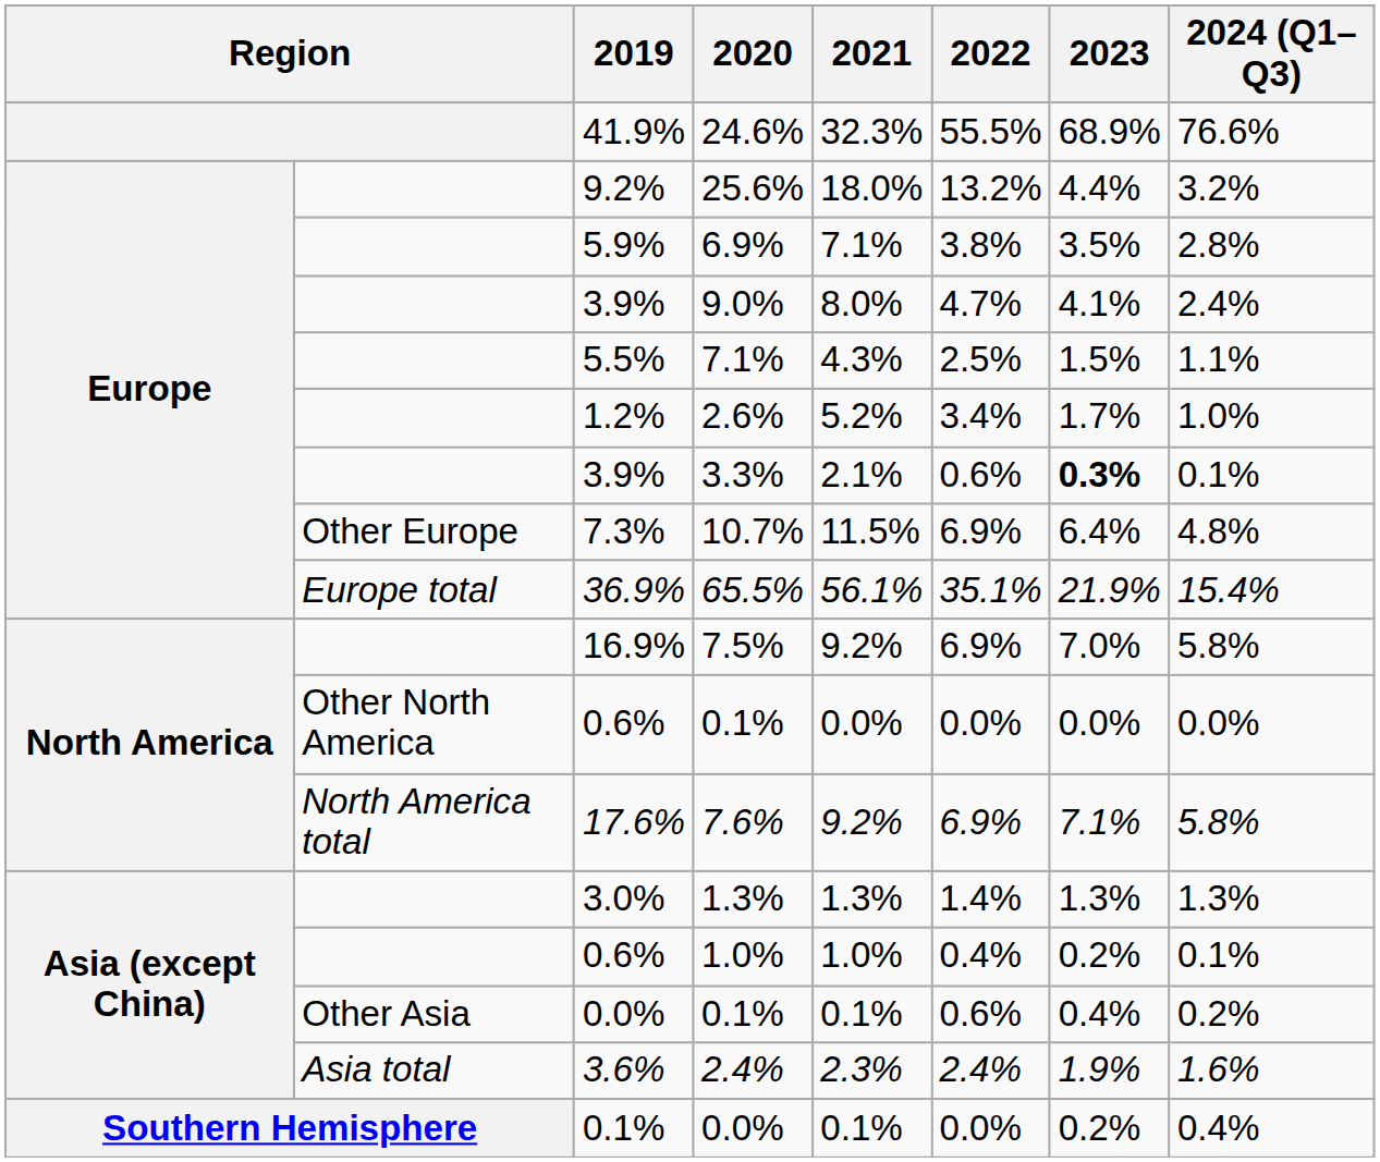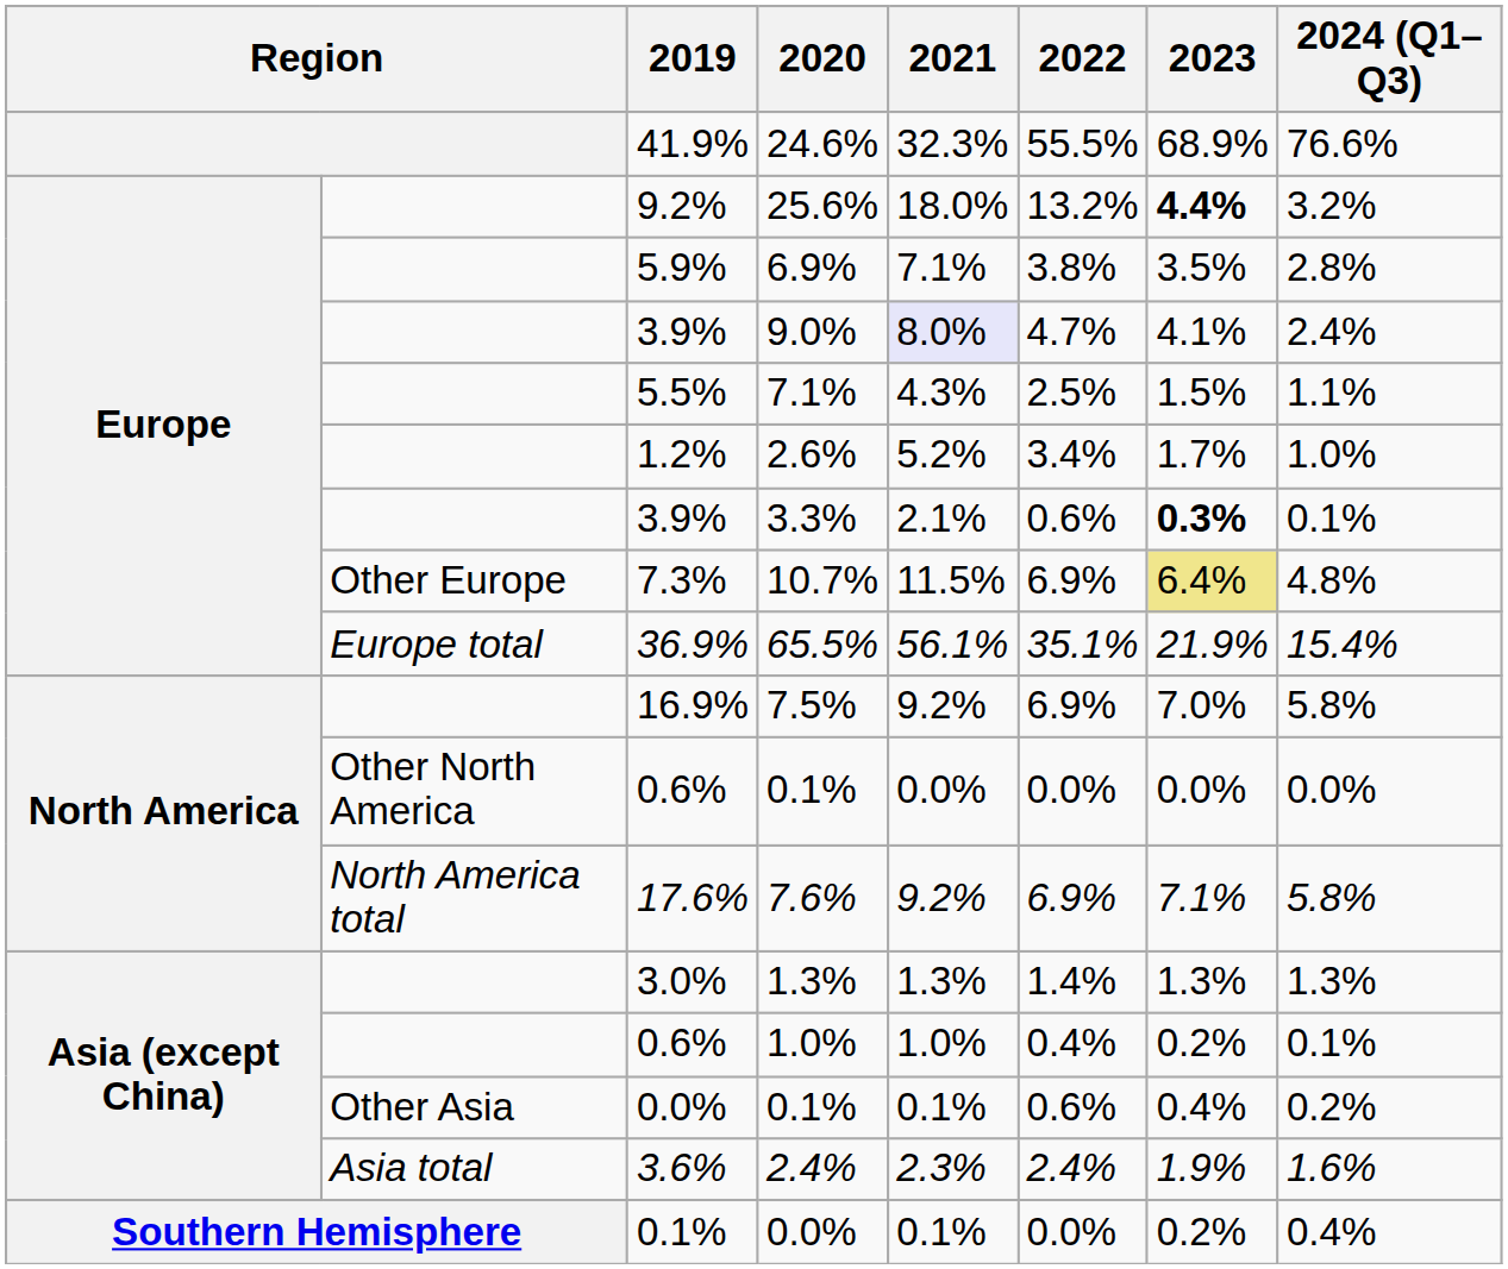 <table class="wikitable">
 <tr>
 <th colspan="2">Region</th>
 <th>2019</th>
 <th>2020</th>
 <th>2021</th>
 <th>2022</th>
 <th>2023</th>
 <th>2024 (Q1–Q3)</th>
 </tr>
 <tr>
 <th colspan="2"></th>
 <td>41.9%</td>
 <td>24.6%</td>
 <td>32.3%</td>
 <td>55.5%</td>
 <td>68.9%</td>
 <td>76.6%</td>
 </tr>
 <tr>
 <th rowspan="8">Europe</th>
 <td></td>
 <td>9.2%</td>
 <td>25.6%</td>
 <td>18.0%</td>
 <td>13.2%</td>
-<td>4.4%</td>
+<td><strong>4.4%</strong></td>
 <td>3.2%</td>
 </tr>
 <tr>
 <td></td>
 <td>5.9%</td>
 <td>6.9%</td>
 <td>7.1%</td>
 <td>3.8%</td>
 <td>3.5%</td>
 <td>2.8%</td>
 </tr>
 <tr>
 <td></td>
 <td>3.9%</td>
 <td>9.0%</td>
-<td>8.0%</td>
+<td style="background: lavender;">8.0%</td>
 <td>4.7%</td>
 <td>4.1%</td>
 <td>2.4%</td>
 </tr>
 <tr>
 <td></td>
 <td>5.5%</td>
 <td>7.1%</td>
 <td>4.3%</td>
 <td>2.5%</td>
 <td>1.5%</td>
 <td>1.1%</td>
 </tr>
 <tr>
 <td></td>
 <td>1.2%</td>
 <td>2.6%</td>
 <td>5.2%</td>
 <td>3.4%</td>
 <td>1.7%</td>
 <td>1.0%</td>
 </tr>
 <tr>
 <td></td>
 <td>3.9%</td>
 <td>3.3%</td>
 <td>2.1%</td>
 <td>0.6%</td>
 <td><strong>0.3%</strong></td>
 <td>0.1%</td>
 </tr>
 <tr>
 <td>Other Europe</td>
 <td>7.3%</td>
 <td>10.7%</td>
 <td>11.5%</td>
 <td>6.9%</td>
-<td>6.4%</td>
+<td style="background: khaki;">6.4%</td>
 <td>4.8%</td>
 </tr>
 <tr>
 <td><em>Europe total</em></td>
 <td><em>36.9%</em></td>
 <td><em>65.5%</em></td>
 <td><em>56.1%</em></td>
 <td><em>35.1%</em></td>
 <td><em>21.9%</em></td>
 <td><em>15.4%</em></td>
 </tr>
 <tr>
 <th rowspan="3">North America</th>
 <td></td>
 <td>16.9%</td>
 <td>7.5%</td>
 <td>9.2%</td>
 <td>6.9%</td>
 <td>7.0%</td>
 <td>5.8%</td>
 </tr>
 <tr>
 <td>Other North America</td>
 <td>0.6%</td>
 <td>0.1%</td>
 <td>0.0%</td>
 <td>0.0%</td>
 <td>0.0%</td>
 <td>0.0%</td>
 </tr>
 <tr>
 <td><em>North America total</em></td>
 <td><em>17.6%</em></td>
 <td><em>7.6%</em></td>
 <td><em>9.2%</em></td>
 <td><em>6.9%</em></td>
 <td><em>7.1%</em></td>
 <td><em>5.8%</em></td>
 </tr>
 <tr>
 <th rowspan="4">Asia (except China)</th>
 <td></td>
 <td>3.0%</td>
 <td>1.3%</td>
 <td>1.3%</td>
 <td>1.4%</td>
 <td>1.3%</td>
 <td>1.3%</td>
 </tr>
 <tr>
 <td></td>
 <td>0.6%</td>
 <td>1.0%</td>
 <td>1.0%</td>
 <td>0.4%</td>
 <td>0.2%</td>
 <td>0.1%</td>
 </tr>
 <tr>
 <td>Other Asia</td>
 <td>0.0%</td>
 <td>0.1%</td>
 <td>0.1%</td>
 <td>0.6%</td>
 <td>0.4%</td>
 <td>0.2%</td>
 </tr>
 <tr>
 <td><em>Asia total</em></td>
 <td><em>3.6%</em></td>
 <td><em>2.4%</em></td>
 <td><em>2.3%</em></td>
 <td><em>2.4%</em></td>
 <td><em>1.9%</em></td>
 <td><em>1.6%</em></td>
 </tr>
 <tr>
 <th colspan="2"><a href='#'>Southern Hemisphere</a></th>
 <td>0.1%</td>
 <td>0.0%</td>
 <td>0.1%</td>
 <td>0.0%</td>
 <td>0.2%</td>
 <td>0.4%</td>
 </tr>
 </table>
